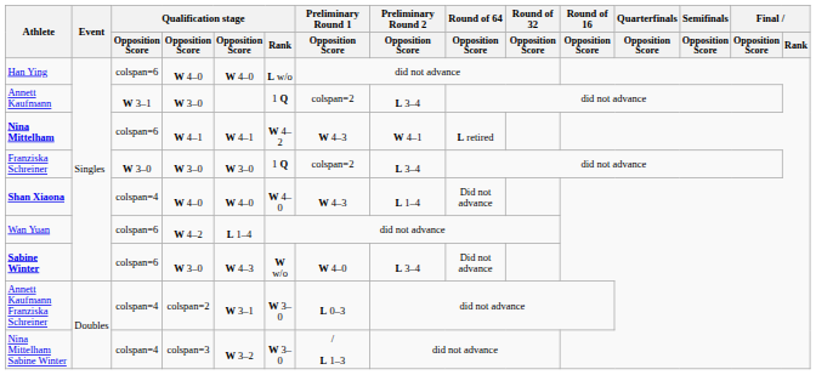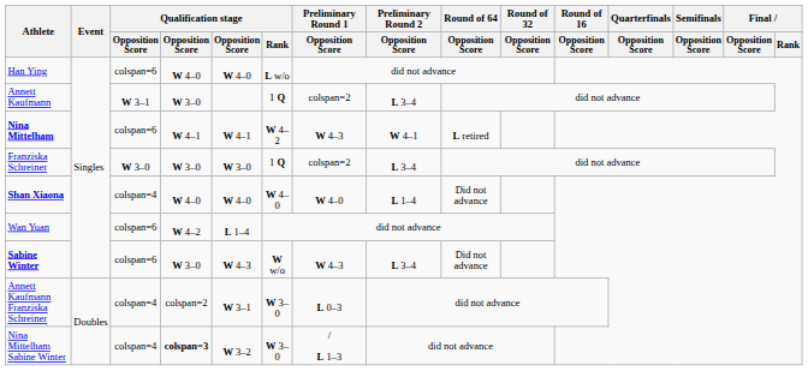 <table class=wikitable style=font-size:70%;text-align:center>
 <tr>
 <th rowspan=2>Athlete</th>
 <th rowspan=2>Event</th>
 <th colspan=4>Qualification stage</th>
 <th>Preliminary Round 1</th>
 <th>Preliminary Round 2</th>
 <th>Round of 64</th>
 <th>Round of 32</th>
 <th>Round of 16</th>
 <th>Quarterfinals</th>
 <th>Semifinals</th>
 <th colspan=2>Final / </th>
 </tr>
 <tr style=font-size:95%>
 <th>Opposition<br>Score</th>
 <th>Opposition<br>Score</th>
 <th>Opposition<br>Score</th>
 <th>Rank</th>
 <th>Opposition<br>Score</th>
 <th>Opposition<br>Score</th>
 <th>Opposition<br>Score</th>
 <th>Opposition<br>Score</th>
 <th>Opposition<br>Score</th>
 <th>Opposition<br>Score</th>
 <th>Opposition<br>Score</th>
 <th>Opposition<br>Score</th>
 <th>Rank</th>
 </tr>
 <tr align=center>
 <td align=left><a href='#'>Han Ying</a></td>
 <td align=left rowspan=7>Singles</td>
 <td>colspan=6</td>
 <td><br><strong>W</strong> 4–0</td>
 <td><br><strong>W</strong> 4–0</td>
 <td><br><strong>L</strong> w/o</td>
 <td colspan=4>did not advance</td>
 </tr>
 <tr align=center>
 <td align=left><a href='#'>Annett Kaufmann</a></td>
 <td><br><strong>W</strong> 3–1</td>
 <td><br><strong>W</strong> 3–0</td>
 <td></td>
 <td>1 <strong>Q</strong></td>
 <td>colspan=2</td>
 <td><br><strong>L</strong> 3–4</td>
 <td colspan=6>did not advance</td>
 </tr>
 <tr align=center>
 <td align=left><strong><a href='#'>Nina Mittelham</a></strong></td>
 <td>colspan=6</td>
 <td><br><strong>W</strong> 4–1</td>
 <td><br><strong>W</strong> 4–1</td>
 <td><br><strong>W</strong> 4–2</td>
 <td><br><strong>W</strong> 4–3</td>
 <td><br><strong>W</strong> 4–1</td>
 <td><br><strong>L</strong> retired</td>
 <td></td>
 </tr>
 <tr align=center>
 <td align=left><a href='#'>Franziska Schreiner</a></td>
 <td><br><strong>W</strong> 3–0</td>
 <td><br><strong>W</strong> 3–0</td>
 <td><br><strong>W</strong> 3–0</td>
 <td>1 <strong>Q</strong></td>
 <td>colspan=2</td>
 <td><br><strong>L</strong> 3–4</td>
 <td colspan=6>did not advance</td>
 </tr>
 <tr align=center>
 <td align=left><strong><a href='#'>Shan Xiaona</a></strong></td>
 <td>colspan=4</td>
 <td><br><strong>W</strong> 4–0</td>
 <td><br><strong>W</strong> 4–0</td>
 <td><br><strong>W</strong> 4–0</td>
-<td><br><strong>W</strong> 4–3</td>
+<td><br><strong>W</strong> 4–0</td>
 <td><br><strong>L</strong> 1–4</td>
 <td>Did not advance</td>
 <td></td>
 </tr>
 <tr align=center>
 <td align=left><a href='#'>Wan Yuan</a></td>
 <td>colspan=6</td>
 <td><br><strong>W</strong> 4–2</td>
 <td><br><strong>L</strong> 1–4</td>
 <td colspan=5>did not advance</td>
 </tr>
 <tr align=center>
 <td align=left><strong><a href='#'>Sabine Winter</a></strong></td>
 <td>colspan=6</td>
 <td><br><strong>W</strong> 3–0</td>
 <td><br><strong>W</strong> 4–3</td>
 <td><br><strong>W</strong> w/o</td>
-<td><br><strong>W</strong> 4–0</td>
+<td><br><strong>W</strong> 4–3</td>
 <td><br><strong>L</strong> 3–4</td>
 <td>Did not advance</td>
 <td></td>
 </tr>
 <tr align=center>
 <td align=left><a href='#'>Annett Kaufmann</a><br><a href='#'>Franziska Schreiner</a></td>
 <td rowspan=2>Doubles</td>
 <td>colspan=4</td>
 <td>colspan=2</td>
 <td><br><strong>W</strong> 3–1</td>
 <td><br><strong>W</strong> 3–0</td>
 <td><br><strong>L</strong> 0–3</td>
 <td colspan=4>did not advance</td>
 </tr>
 <tr align=center>
 <td align=left><a href='#'>Nina Mittelham</a><br><a href='#'>Sabine Winter</a></td>
 <td>colspan=4</td>
-<td>colspan=3</td>
+<td><strong>colspan=3</strong></td>
 <td><br><strong>W</strong> 3–2</td>
 <td><br><strong>W</strong> 3–0</td>
 <td> /<br><br><strong>L</strong> 1–3</td>
 <td colspan=3>did not advance</td>
 </tr>
 </table>
